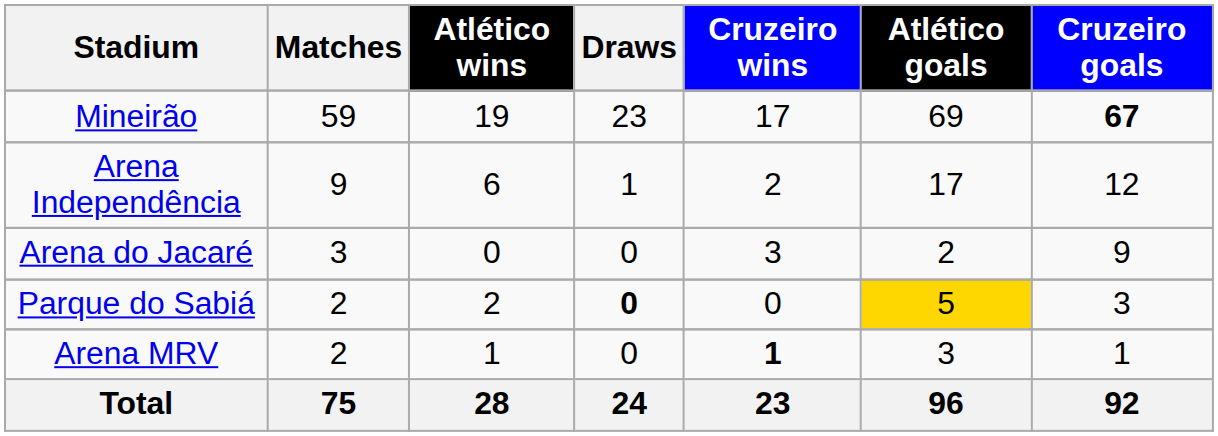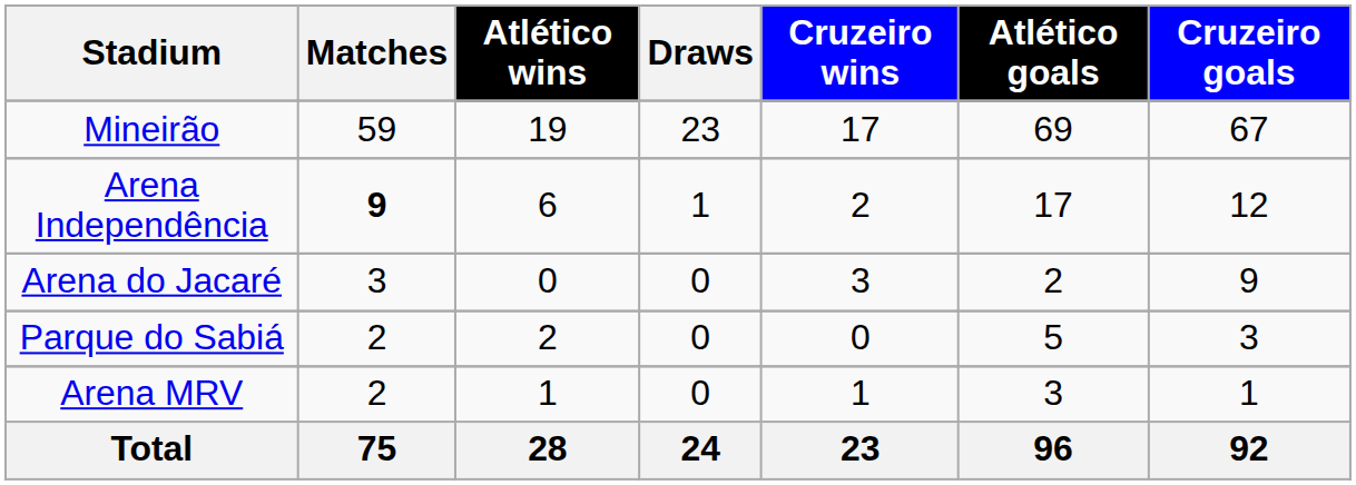 <table class="wikitable">
 <tr>
 <th>Stadium</th>
 <th>Matches</th>
 <th style="color:#ffffff; background:black;"><strong>Atlético wins</strong></th>
 <th>Draws</th>
 <th style="color:#ffffff; background:blue;"><strong>Cruzeiro wins</strong></th>
 <th style="color:#ffffff; background:black;"><strong>Atlético goals</strong></th>
 <th style="color:#ffffff; background:blue;"><strong>Cruzeiro goals</strong></th>
 </tr>
 <tr>
 </tr>
 <tr align="center">
 <td><a href='#'>Mineirão</a></td>
 <td>59</td>
 <td>19</td>
 <td>23</td>
 <td>17</td>
 <td>69</td>
-<td><strong>67</strong></td>
+<td>67</td>
 </tr>
 <tr>
 </tr>
 <tr align="center">
 <td><a href='#'>Arena Independência</a></td>
-<td>9</td>
+<td><strong>9</strong></td>
 <td>6</td>
 <td>1</td>
 <td>2</td>
 <td>17</td>
 <td>12</td>
 </tr>
 <tr>
 </tr>
 <tr align="center">
 <td><a href='#'>Arena do Jacaré</a></td>
 <td>3</td>
 <td>0</td>
 <td>0</td>
 <td>3</td>
 <td>2</td>
 <td>9</td>
 </tr>
 <tr>
 </tr>
 <tr align="center">
 <td><a href='#'>Parque do Sabiá</a></td>
 <td>2</td>
 <td>2</td>
-<td><strong>0</strong></td>
 <td>0</td>
-<td style="background: gold;">5</td>
+<td>0</td>
+<td>5</td>
 <td>3</td>
 </tr>
 <tr>
 </tr>
 <tr align="center">
 <td><a href='#'>Arena MRV</a></td>
 <td>2</td>
 <td>1</td>
 <td>0</td>
-<td><strong>1</strong></td>
+<td>1</td>
 <td>3</td>
 <td>1</td>
 </tr>
 <tr>
 <th><strong>Total</strong></th>
 <th>75</th>
 <th>28</th>
 <th>24</th>
 <th>23</th>
 <th>96</th>
 <th>92</th>
 </tr>
 </table>
